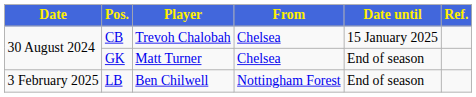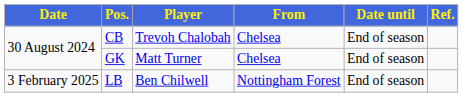 <table class="wikitable plainrowheaders sortable">
 <tr>
 <th style="background:#4267DC; color:#FFF000;">Date</th>
 <th style="background:#4267DC; color:#FFF000;">Pos.</th>
 <th style="background:#4267DC; color:#FFF000;">Player</th>
 <th style="background:#4267DC; color:#FFF000;">From</th>
 <th style="background:#4267DC; color:#FFF000;">Date until</th>
 <th style="background:#4267DC; color:#FFF000;">Ref.</th>
 </tr>
 <tr>
 <td rowspan="2">30 August 2024</td>
 <td><a href='#'>CB</a></td>
 <td> <a href='#'>Trevoh Chalobah</a></td>
 <td> <a href='#'>Chelsea</a></td>
-<td>15 January 2025</td>
+<td>End of season</td>
 <td></td>
 </tr>
 <tr>
 <td><a href='#'>GK</a></td>
 <td> <a href='#'>Matt Turner</a></td>
 <td> <a href='#'>Chelsea</a></td>
 <td>End of season</td>
 <td></td>
 </tr>
 <tr>
 <td>3 February 2025</td>
 <td><a href='#'>LB</a></td>
 <td> <a href='#'>Ben Chilwell</a></td>
 <td> <a href='#'>Nottingham Forest</a></td>
 <td>End of season</td>
 <td></td>
 </tr>
 </table>
